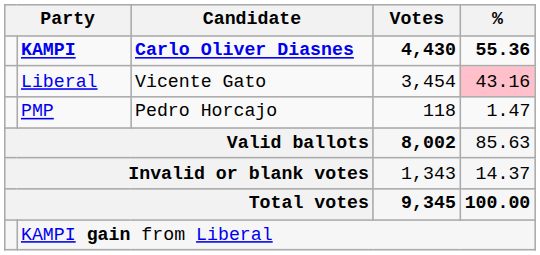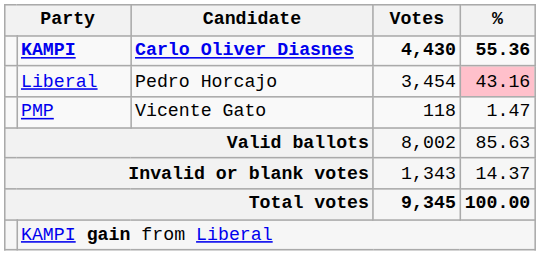 <table class="wikitable" style="font-size:90%; text-align:right;">
 <tr>
 <th colspan="2" style="width:75px;">Party</th>
 <th style="width:150px;">Candidate</th>
 <th style="width:50px;">Votes</th>
 <th style="width:10px;">%</th>
 </tr>
 <tr>
 <td style="background:"></td>
 <td style="text-align:left;"><strong><a href='#'>KAMPI</a></strong></td>
 <td style="text-align:left;"><strong><a href='#'>Carlo Oliver Diasnes</a></strong></td>
 <td><strong>4,430</strong></td>
 <td><strong>55.36</strong></td>
 </tr>
 <tr>
 <td style="background:"></td>
 <td style="text-align:left;"><a href='#'>Liberal</a></td>
-<td style="text-align:left;">Vicente Gato</td>
+<td style="text-align:left;">Pedro Horcajo</td>
 <td>3,454</td>
 <td style="background: pink;">43.16</td>
 </tr>
 <tr>
 <td style="background:"></td>
 <td style="text-align:left;"><a href='#'>PMP</a></td>
-<td style="text-align:left;">Pedro Horcajo</td>
+<td style="text-align:left;">Vicente Gato</td>
 <td>118</td>
 <td>1.47</td>
 </tr>
 <tr style="background-color:#F6F6F6">
 <th colspan="3" style="text-align:right;">Valid ballots</th>
-<td><strong>8,002</strong></td>
+<td>8,002</td>
 <td>85.63</td>
 </tr>
 <tr style="background-color:#F6F6F6">
 <th colspan="3" style="text-align:right;">Invalid or blank votes</th>
 <td>1,343</td>
 <td>14.37</td>
 </tr>
 <tr style="background-color:#F6F6F6">
 <th colspan="3" style="text-align:right;">Total votes</th>
 <td><strong>9,345</strong></td>
 <td><strong>100.00</strong></td>
 </tr>
 <tr style="background-color:#F6F6F6">
 <td style="background:"></td>
 <td colspan="4" style="text-align:left;"><a href='#'>KAMPI</a> <strong>gain</strong> from <a href='#'>Liberal</a></td>
 </tr>
 </table>
